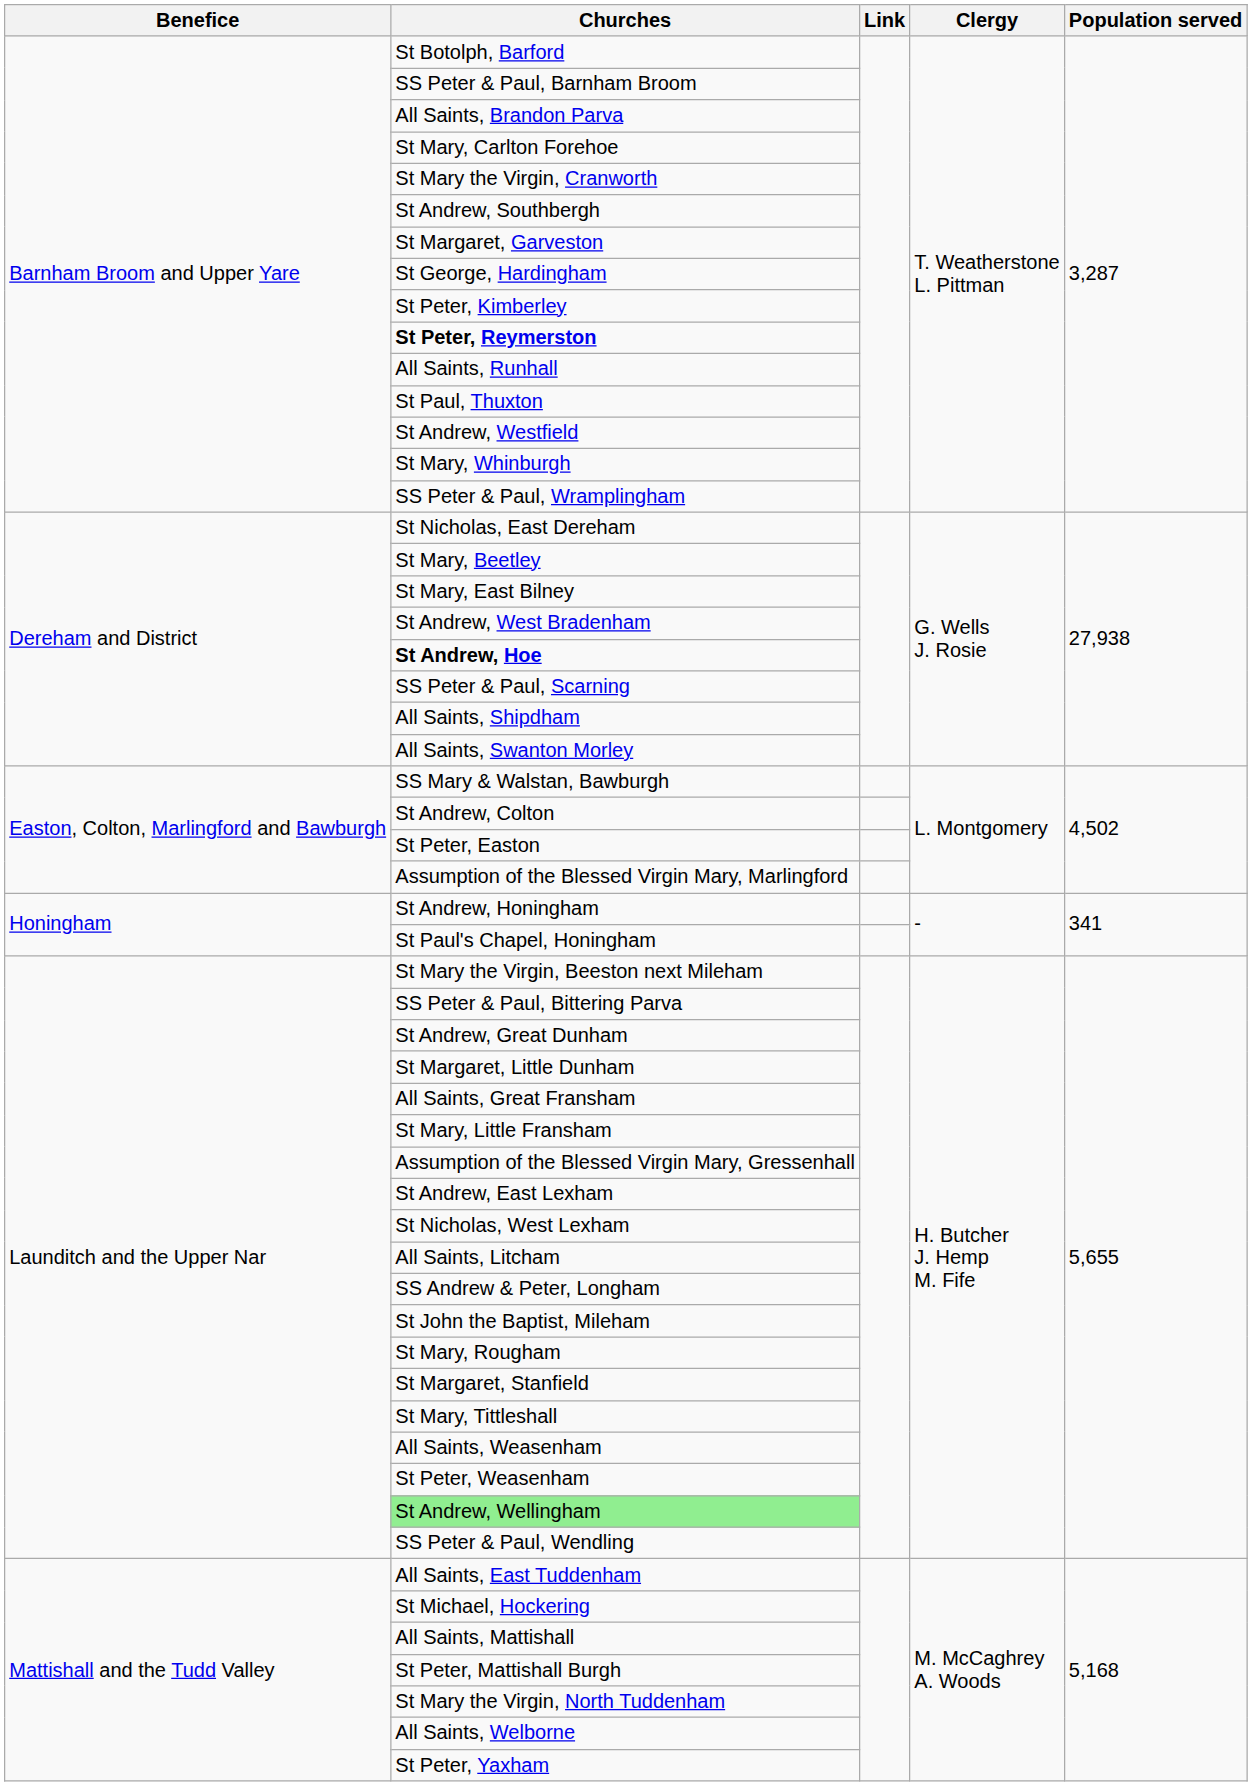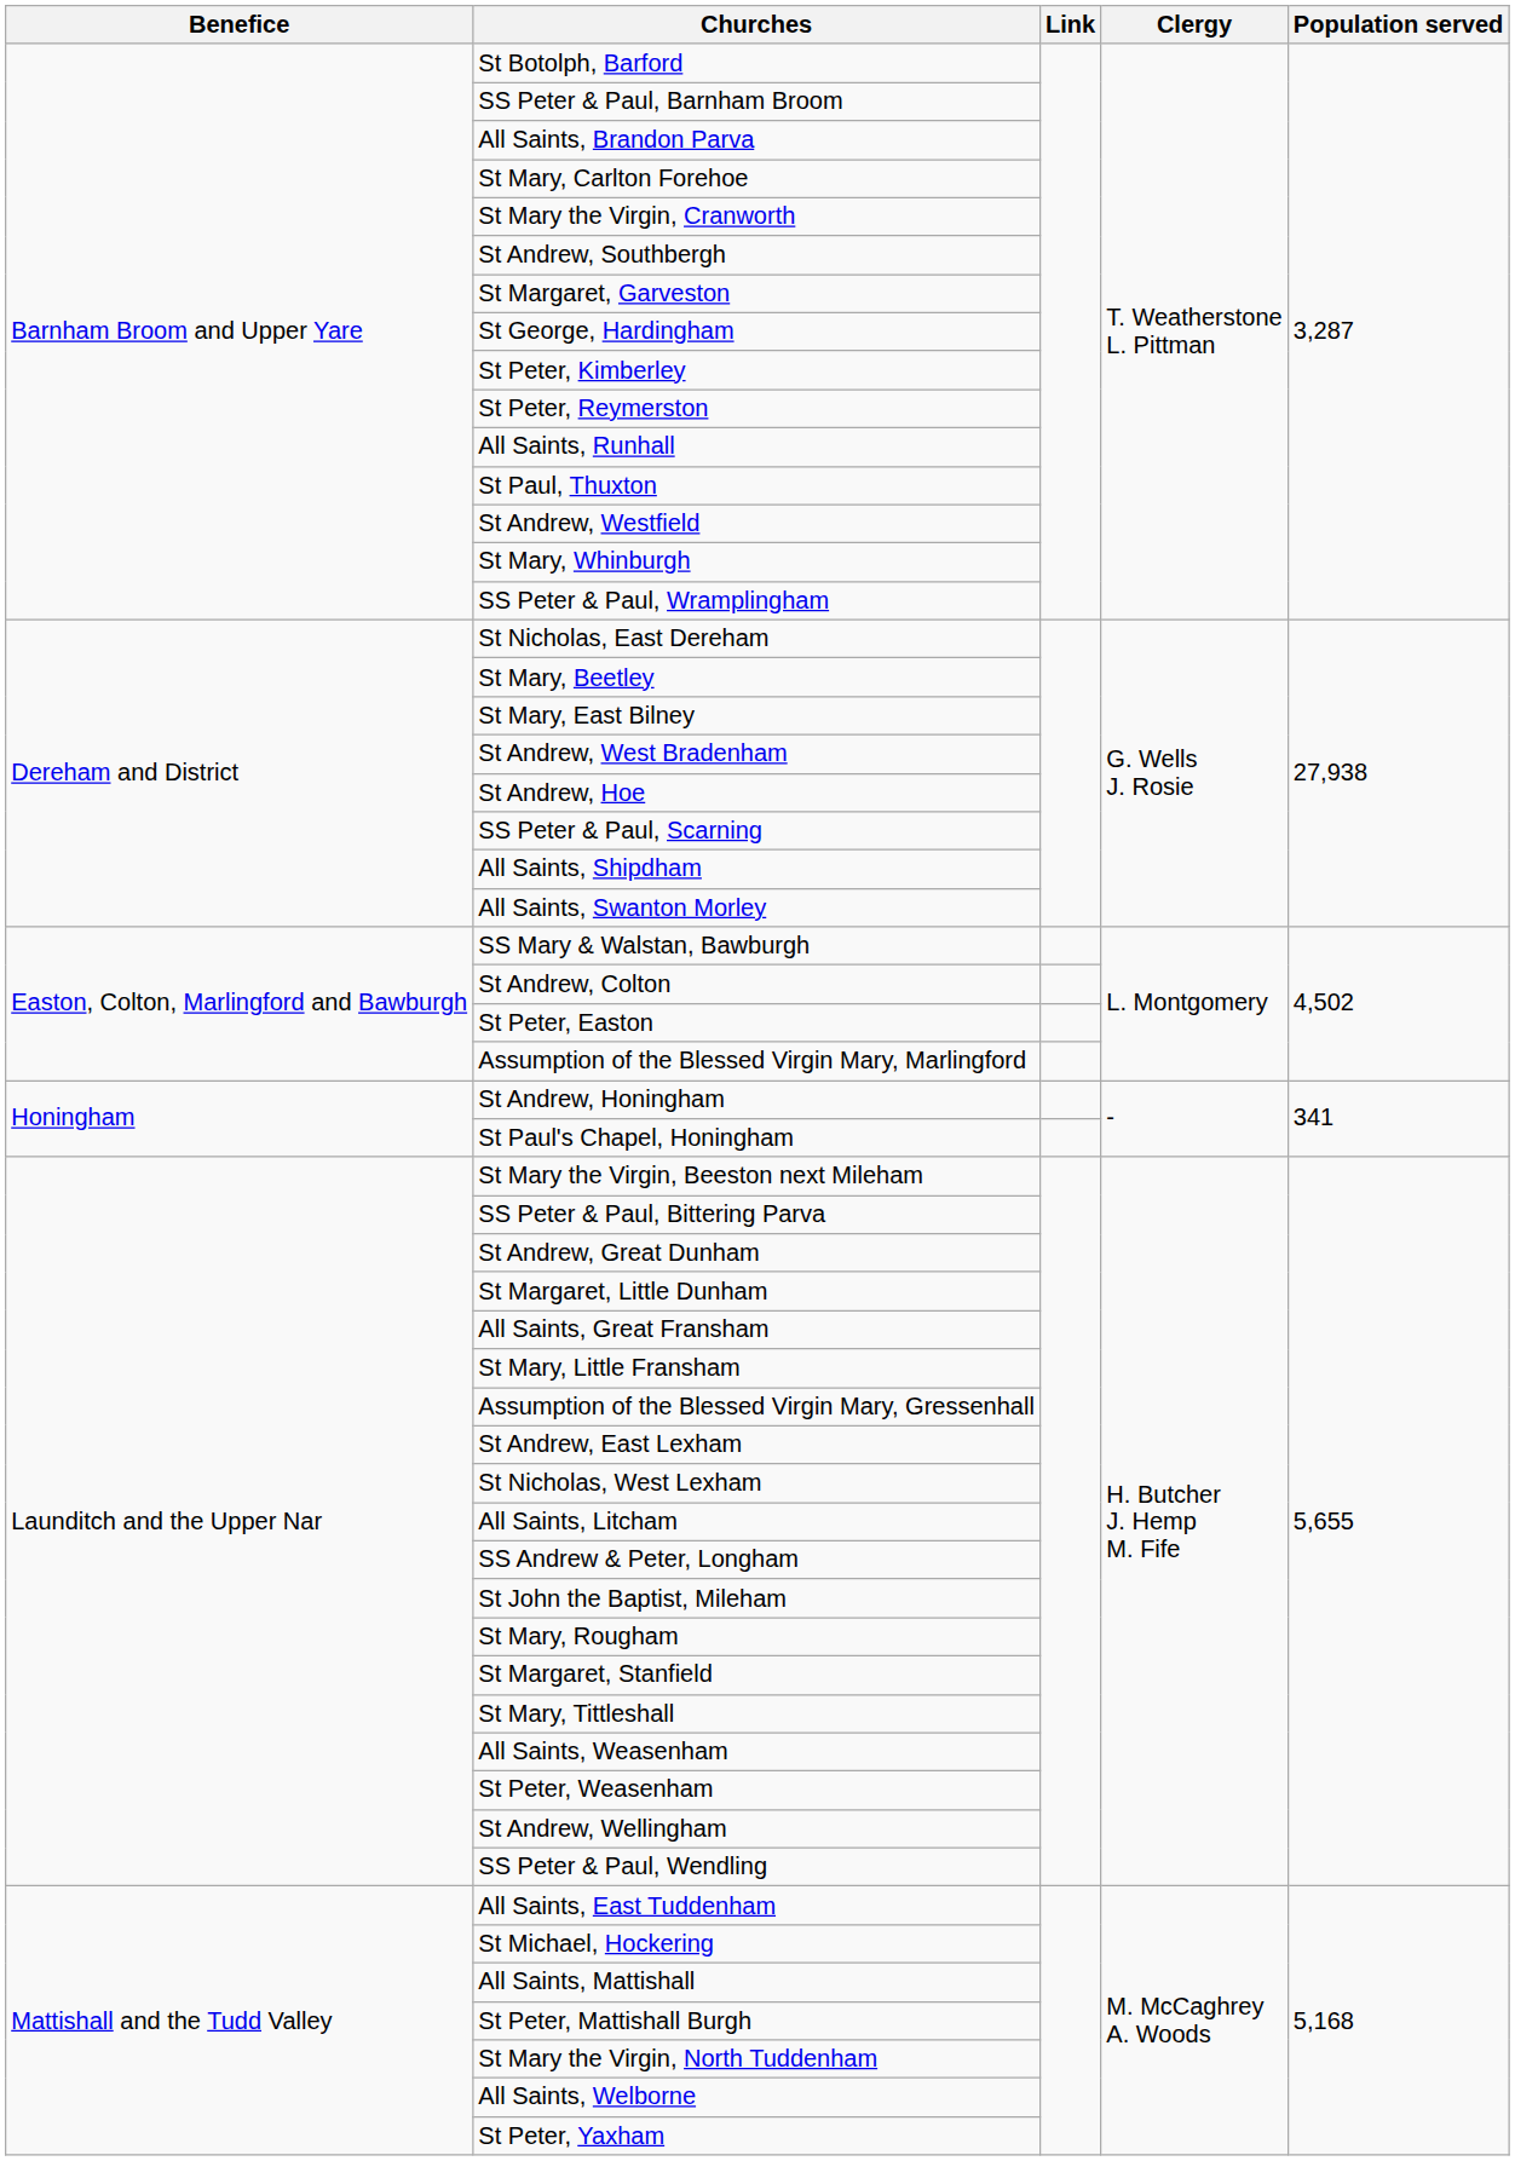 <table class="wikitable">
 <tr>
 <th>Benefice</th>
 <th>Churches</th>
 <th>Link</th>
 <th>Clergy</th>
 <th>Population served</th>
 </tr>
 <tr>
 <td rowspan="15"><a href='#'>Barnham Broom</a> and Upper <a href='#'>Yare</a></td>
 <td>St Botolph, <a href='#'>Barford</a></td>
 <td rowspan="15"></td>
 <td rowspan="15">T. Weatherstone<br>L. Pittman</td>
 <td rowspan="15">3,287</td>
 </tr>
 <tr>
 <td>SS Peter & Paul, Barnham Broom</td>
 </tr>
 <tr>
 <td>All Saints, <a href='#'>Brandon Parva</a></td>
 </tr>
 <tr>
 <td>St Mary, Carlton Forehoe</td>
 </tr>
 <tr>
 <td>St Mary the Virgin, <a href='#'>Cranworth</a></td>
 </tr>
 <tr>
 <td>St Andrew, Southbergh</td>
 </tr>
 <tr>
 <td>St Margaret, <a href='#'>Garveston</a></td>
 </tr>
 <tr>
 <td>St George, <a href='#'>Hardingham</a></td>
 </tr>
 <tr>
 <td>St Peter, <a href='#'>Kimberley</a></td>
 </tr>
 <tr>
-<td><strong>St Peter, <a href='#'>Reymerston</a></strong></td>
+<td>St Peter, <a href='#'>Reymerston</a></td>
 </tr>
 <tr>
 <td>All Saints, <a href='#'>Runhall</a></td>
 </tr>
 <tr>
 <td>St Paul, <a href='#'>Thuxton</a></td>
 </tr>
 <tr>
 <td>St Andrew, <a href='#'>Westfield</a></td>
 </tr>
 <tr>
 <td>St Mary, <a href='#'>Whinburgh</a></td>
 </tr>
 <tr>
 <td>SS Peter & Paul, <a href='#'>Wramplingham</a></td>
 </tr>
 <tr>
 <td rowspan="8"><a href='#'>Dereham</a> and District</td>
 <td>St Nicholas, East Dereham</td>
 <td rowspan="8"></td>
 <td rowspan="8">G. Wells<br>J. Rosie</td>
 <td rowspan="8">27,938</td>
 </tr>
 <tr>
 <td>St Mary, <a href='#'>Beetley</a></td>
 </tr>
 <tr>
 <td>St Mary, East Bilney</td>
 </tr>
 <tr>
 <td>St Andrew, <a href='#'>West Bradenham</a></td>
 </tr>
 <tr>
-<td><strong>St Andrew, <a href='#'>Hoe</a></strong></td>
+<td>St Andrew, <a href='#'>Hoe</a></td>
 </tr>
 <tr>
 <td>SS Peter & Paul, <a href='#'>Scarning</a></td>
 </tr>
 <tr>
 <td>All Saints, <a href='#'>Shipdham</a></td>
 </tr>
 <tr>
 <td>All Saints, <a href='#'>Swanton Morley</a></td>
 </tr>
 <tr>
 <td rowspan="4"><a href='#'>Easton</a>, Colton, <a href='#'>Marlingford</a> and <a href='#'>Bawburgh</a></td>
 <td>SS Mary & Walstan, Bawburgh</td>
 <td></td>
 <td rowspan="4">L. Montgomery</td>
 <td rowspan="4">4,502</td>
 </tr>
 <tr>
 <td>St Andrew, Colton</td>
 <td></td>
 </tr>
 <tr>
 <td>St Peter, Easton</td>
 <td></td>
 </tr>
 <tr>
 <td>Assumption of the Blessed Virgin Mary, Marlingford</td>
 <td></td>
 </tr>
 <tr>
 <td rowspan="2"><a href='#'>Honingham</a></td>
 <td>St Andrew, Honingham</td>
 <td></td>
 <td rowspan="2">-</td>
 <td rowspan="2">341</td>
 </tr>
 <tr>
 <td>St Paul's Chapel, Honingham</td>
 <td></td>
 </tr>
 <tr>
 <td rowspan="19">Launditch and the Upper Nar</td>
 <td>St Mary the Virgin, Beeston next Mileham</td>
 <td rowspan="19"></td>
 <td rowspan="19">H. Butcher<br>J. Hemp<br>M. Fife</td>
 <td rowspan="19">5,655</td>
 </tr>
 <tr>
 <td>SS Peter & Paul, Bittering Parva</td>
 </tr>
 <tr>
 <td>St Andrew, Great Dunham</td>
 </tr>
 <tr>
 <td>St Margaret, Little Dunham</td>
 </tr>
 <tr>
 <td>All Saints, Great Fransham</td>
 </tr>
 <tr>
 <td>St Mary, Little Fransham</td>
 </tr>
 <tr>
 <td>Assumption of the Blessed Virgin Mary, Gressenhall</td>
 </tr>
 <tr>
 <td>St Andrew, East Lexham</td>
 </tr>
 <tr>
 <td>St Nicholas, West Lexham</td>
 </tr>
 <tr>
 <td>All Saints, Litcham</td>
 </tr>
 <tr>
 <td>SS Andrew & Peter, Longham</td>
 </tr>
 <tr>
 <td>St John the Baptist, Mileham</td>
 </tr>
 <tr>
 <td>St Mary, Rougham</td>
 </tr>
 <tr>
 <td>St Margaret, Stanfield</td>
 </tr>
 <tr>
 <td>St Mary, Tittleshall</td>
 </tr>
 <tr>
 <td>All Saints, Weasenham</td>
 </tr>
 <tr>
 <td>St Peter, Weasenham</td>
 </tr>
 <tr>
-<td style="background: lightgreen;">St Andrew, Wellingham</td>
+<td>St Andrew, Wellingham</td>
 </tr>
 <tr>
 <td>SS Peter & Paul, Wendling</td>
 </tr>
 <tr>
 <td rowspan="7"><a href='#'>Mattishall</a> and the <a href='#'>Tudd</a> Valley</td>
 <td>All Saints, <a href='#'>East Tuddenham</a></td>
 <td rowspan="7"></td>
 <td rowspan="7">M. McCaghrey<br>A. Woods</td>
 <td rowspan="7">5,168</td>
 </tr>
 <tr>
 <td>St Michael, <a href='#'>Hockering</a></td>
 </tr>
 <tr>
 <td>All Saints, Mattishall</td>
 </tr>
 <tr>
 <td>St Peter, Mattishall Burgh</td>
 </tr>
 <tr>
 <td>St Mary the Virgin, <a href='#'>North Tuddenham</a></td>
 </tr>
 <tr>
 <td>All Saints, <a href='#'>Welborne</a></td>
 </tr>
 <tr>
 <td>St Peter, <a href='#'>Yaxham</a></td>
 </tr>
 </table>
